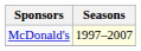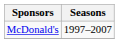 <table class="wikitable collapsible">
 <tr>
 <th>Sponsors</th>
 <th>Seasons</th>
 </tr>
 <tr>
 <td><a href='#'>McDonald's</a></td>
-<td style="background: lightyellow;">1997–2007</td>
+<td>1997–2007</td>
 </tr>
 <tr>
 </tr>
 </table>
